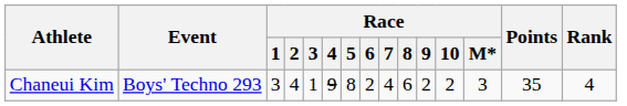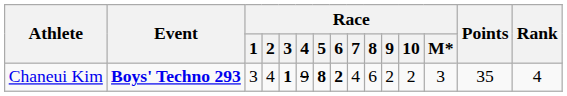 <table class="wikitable" border="1" style="font-size:90%">
 <tr>
 <th rowspan=2>Athlete</th>
 <th rowspan=2>Event</th>
 <th colspan=11>Race</th>
 <th rowspan=2>Points</th>
 <th rowspan=2>Rank</th>
 </tr>
 <tr>
 <th>1</th>
 <th>2</th>
 <th>3</th>
 <th>4</th>
 <th>5</th>
 <th>6</th>
 <th>7</th>
 <th>8</th>
 <th>9</th>
 <th>10</th>
 <th>M*</th>
 </tr>
 <tr>
 <td><a href='#'>Chaneui Kim</a></td>
-<td><a href='#'>Boys' Techno 293</a></td>
+<td><strong><a href='#'>Boys' Techno 293</a></strong></td>
 <td align=center>3</td>
 <td align=center>4</td>
-<td align=center>1</td>
+<td align=center><strong>1</strong></td>
 <td align=center><s>9</s></td>
-<td align=center>8</td>
-<td align=center>2</td>
+<td align=center><strong>8</strong></td>
+<td align=center><strong>2</strong></td>
 <td align=center>4</td>
 <td align=center>6</td>
 <td align=center>2</td>
 <td align=center>2</td>
 <td align=center>3</td>
 <td align=center>35</td>
 <td align=center>4</td>
 </tr>
 </table>
